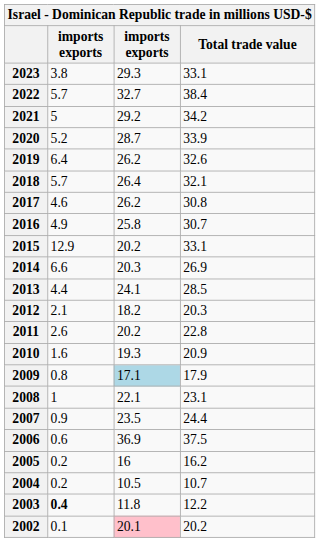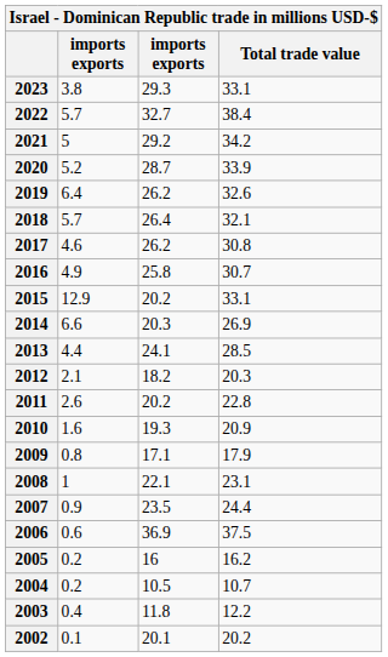 <table class="wikitable">
 <tr>
 <th colspan="4">Israel - Dominican Republic trade in millions USD-$ </th>
 </tr>
 <tr>
 <th></th>
 <th> imports<br> exports</th>
 <th> imports<br>  exports</th>
 <th>Total trade value</th>
 </tr>
 <tr>
 <th>2023</th>
 <td>3.8</td>
 <td>29.3</td>
 <td>33.1</td>
 </tr>
 <tr>
 <th>2022</th>
 <td>5.7</td>
 <td>32.7</td>
 <td>38.4</td>
 </tr>
 <tr>
 <th>2021</th>
 <td>5</td>
 <td>29.2</td>
 <td>34.2</td>
 </tr>
 <tr>
 <th>2020</th>
 <td>5.2</td>
 <td>28.7</td>
 <td>33.9</td>
 </tr>
 <tr>
 <th>2019</th>
 <td>6.4</td>
 <td>26.2</td>
 <td>32.6</td>
 </tr>
 <tr>
 <th>2018</th>
 <td>5.7</td>
 <td>26.4</td>
 <td>32.1</td>
 </tr>
 <tr>
 <th>2017</th>
 <td>4.6</td>
 <td>26.2</td>
 <td>30.8</td>
 </tr>
 <tr>
 <th>2016</th>
 <td>4.9</td>
 <td>25.8</td>
 <td>30.7</td>
 </tr>
 <tr>
 <th>2015</th>
 <td>12.9</td>
 <td>20.2</td>
 <td>33.1</td>
 </tr>
 <tr>
 <th>2014</th>
 <td>6.6</td>
 <td>20.3</td>
 <td>26.9</td>
 </tr>
 <tr>
 <th>2013</th>
 <td>4.4</td>
 <td>24.1</td>
 <td>28.5</td>
 </tr>
 <tr>
 <th>2012</th>
 <td>2.1</td>
 <td>18.2</td>
 <td>20.3</td>
 </tr>
 <tr>
 <th>2011</th>
 <td>2.6</td>
 <td>20.2</td>
 <td>22.8</td>
 </tr>
 <tr>
 <th>2010</th>
 <td>1.6</td>
 <td>19.3</td>
 <td>20.9</td>
 </tr>
 <tr>
 <th>2009</th>
 <td>0.8</td>
-<td style="background: lightblue;">17.1</td>
+<td>17.1</td>
 <td>17.9</td>
 </tr>
 <tr>
 <th>2008</th>
 <td>1</td>
 <td>22.1</td>
 <td>23.1</td>
 </tr>
 <tr>
 <th>2007</th>
 <td>0.9</td>
 <td>23.5</td>
 <td>24.4</td>
 </tr>
 <tr>
 <th>2006</th>
 <td>0.6</td>
 <td>36.9</td>
 <td>37.5</td>
 </tr>
 <tr>
 <th>2005</th>
 <td>0.2</td>
 <td>16</td>
 <td>16.2</td>
 </tr>
 <tr>
 <th>2004</th>
 <td>0.2</td>
 <td>10.5</td>
 <td>10.7</td>
 </tr>
 <tr>
 <th>2003</th>
-<td><strong>0.4</strong></td>
+<td>0.4</td>
 <td>11.8</td>
 <td>12.2</td>
 </tr>
 <tr>
 <th>2002</th>
 <td>0.1</td>
-<td style="background: pink;">20.1</td>
+<td>20.1</td>
 <td>20.2</td>
 </tr>
 </table>
